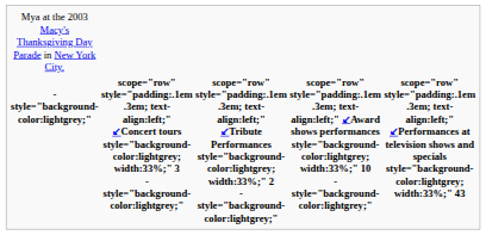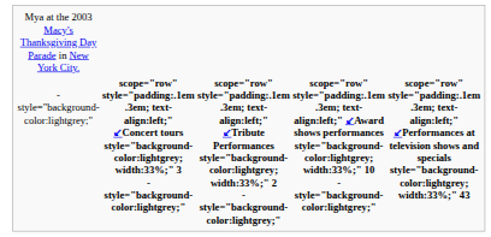 <table class="infobox" style="width:22em; font-size: 88%; text-align:center;">
 <tr>
 </tr>
 <tr>
 <td>Mya at the 2003 <a href='#'>Macy's Thanksgiving Day Parade</a> in <a href='#'>New York City.</a></td>
 </tr>
 <tr>
-<td><strong><br>- style="background-color:lightgrey;"</strong></td>
+<td><br>- style="background-color:lightgrey;"</td>
 <th>scope="row" style="padding:.1em .3em; text-align:left;"  <span><a href='#'>↙</a></span>Concert tours<br> style="background-color:lightgrey; width:33%;"  3<br>- style="background-color:lightgrey;"</th>
 <th>scope="row" style="padding:.1em .3em; text-align:left;"  <span><a href='#'>↙</a></span>Tribute Performances<br> style="background-color:lightgrey; width:33%;"  2<br>- style="background-color:lightgrey;"</th>
 <th>scope="row" style="padding:.1em .3em; text-align:left;"  <span><a href='#'>↙</a></span>Award shows performances<br> style="background-color:lightgrey; width:33%;"  10<br>- style="background-color:lightgrey;"</th>
 <th>scope="row" style="padding:.1em .3em; text-align:left;"  <span><a href='#'>↙</a></span>Performances at television shows and specials<br> style="background-color:lightgrey; width:33%;"  43</th>
 </tr>
 </table>
